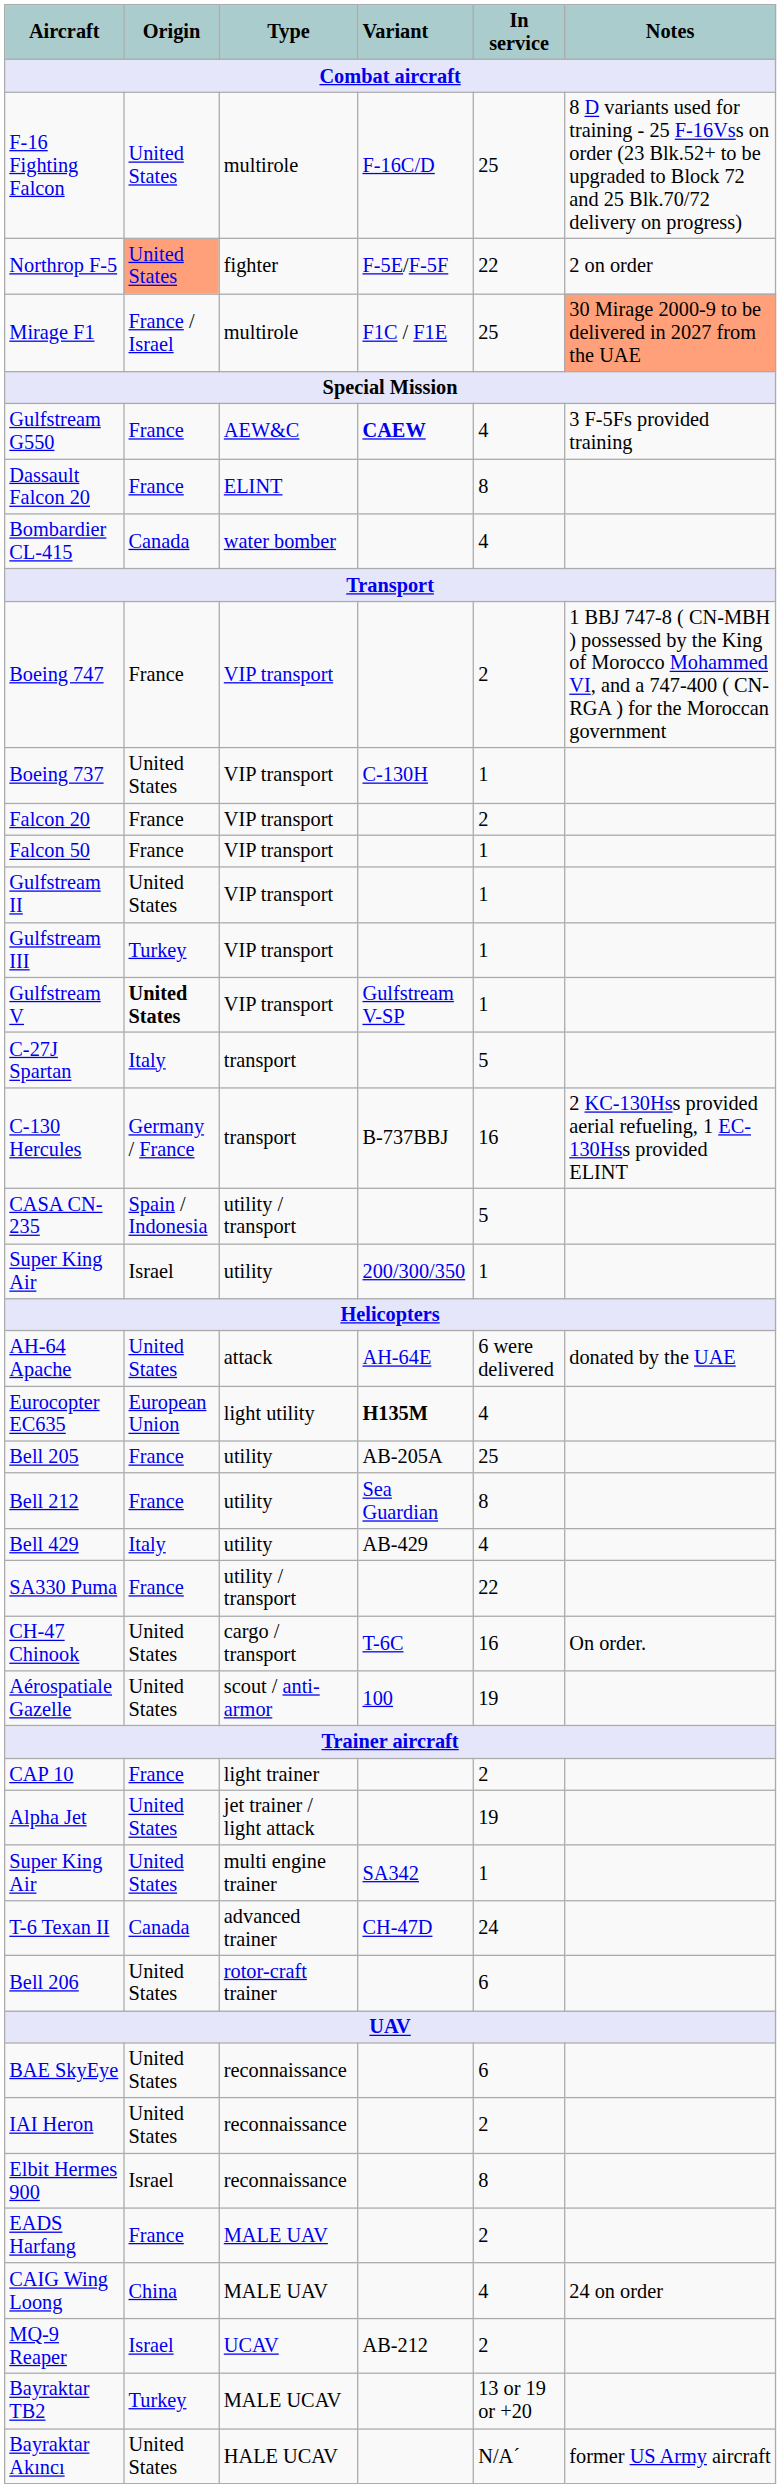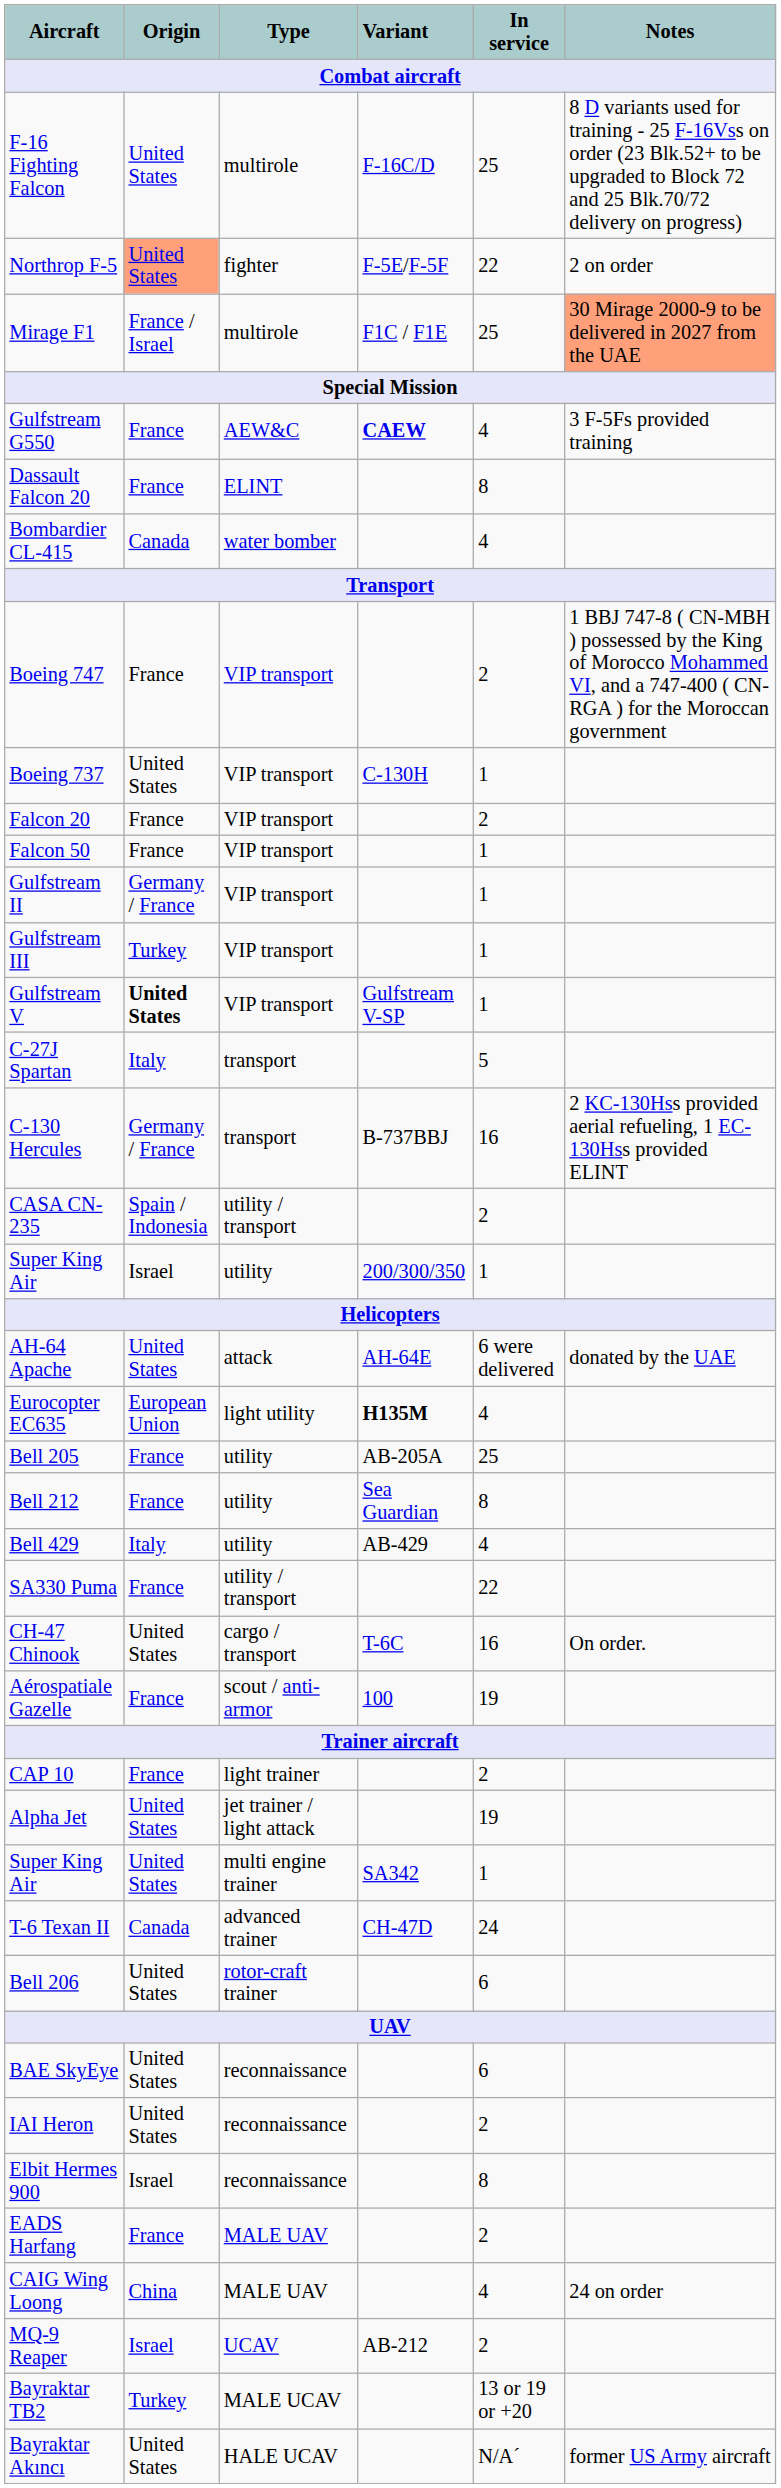 <table class="wikitable">
 <tr>
 <th style="text-align:center; background:#acc;">Aircraft</th>
 <th style="text-align: center; background:#acc;">Origin</th>
 <th style="text-align:l center; background:#acc;">Type</th>
 <th style="text-align:left; background:#acc;">Variant</th>
 <th style="text-align:center; background:#acc;">In service</th>
 <th style="text-align: center; background:#acc;">Notes</th>
 </tr>
 <tr>
 <th style="align: center; background: lavender;" colspan="6"><a href='#'>Combat aircraft</a></th>
 </tr>
 <tr>
 <td><a href='#'>F-16 Fighting Falcon</a></td>
 <td><a href='#'>United States</a></td>
 <td>multirole</td>
 <td><a href='#'>F-16C/D</a></td>
 <td>25</td>
 <td>8 <a href='#'>D</a> variants used for training - 25 <a href='#'>F-16Vs</a>s on order (23 Blk.52+ to be upgraded to Block 72 and 25 Blk.70/72 delivery on progress)</td>
 </tr>
 <tr>
 <td><a href='#'>Northrop F-5</a></td>
 <td style="background: lightsalmon;"><a href='#'>United States</a></td>
 <td>fighter</td>
 <td><a href='#'>F-5E</a>/<a href='#'>F-5F</a></td>
 <td>22</td>
 <td>2 on order</td>
 </tr>
 <tr>
 <td><a href='#'>Mirage F1</a></td>
 <td><a href='#'>France</a> / <a href='#'>Israel</a></td>
 <td>multirole</td>
 <td><a href='#'>F1C</a> / <a href='#'>F1E</a></td>
 <td>25</td>
 <td style="background: lightsalmon;">30 Mirage 2000-9 to be delivered in 2027 from the UAE</td>
 </tr>
 <tr>
 <th style="align: center; background: lavender;" colspan="7">Special Mission</th>
 </tr>
 <tr>
 <td><a href='#'>Gulfstream G550</a></td>
 <td><a href='#'>France</a></td>
 <td><a href='#'>AEW&C</a></td>
 <td><strong><a href='#'>CAEW</a></strong></td>
 <td>4</td>
 <td>3 F-5Fs provided training</td>
 </tr>
 <tr>
 <td><a href='#'>Dassault Falcon 20</a></td>
 <td><a href='#'>France</a></td>
 <td><a href='#'>ELINT</a></td>
 <td></td>
 <td>8</td>
 <td></td>
 </tr>
 <tr>
 <td><a href='#'>Bombardier CL-415</a></td>
 <td><a href='#'>Canada</a></td>
 <td><a href='#'>water bomber</a></td>
 <td></td>
 <td>4</td>
 <td></td>
 </tr>
 <tr>
 <th style="align: center; background: lavender;" colspan="6"><a href='#'>Transport</a></th>
 </tr>
 <tr>
 <td><a href='#'>Boeing 747</a></td>
 <td>France</td>
 <td><a href='#'>VIP transport</a></td>
 <td></td>
 <td>2</td>
 <td>1 BBJ 747-8 ( CN-MBH ) possessed by the King of Morocco <a href='#'>Mohammed VI</a>, and a 747-400 ( CN-RGA ) for the Moroccan government</td>
 </tr>
 <tr>
 <td><a href='#'>Boeing 737</a></td>
 <td>United States</td>
 <td>VIP transport</td>
 <td><a href='#'>C-130H</a></td>
 <td>1</td>
 <td></td>
 </tr>
 <tr>
 <td><a href='#'>Falcon 20</a></td>
 <td>France</td>
 <td>VIP transport</td>
 <td></td>
 <td>2</td>
 <td></td>
 </tr>
 <tr>
 <td><a href='#'>Falcon 50</a></td>
 <td>France</td>
 <td>VIP transport</td>
 <td></td>
 <td>1</td>
 <td></td>
 </tr>
 <tr>
 <td><a href='#'>Gulfstream II</a></td>
-<td>United States</td>
+<td><a href='#'>Germany</a> / <a href='#'>France</a></td>
 <td>VIP transport</td>
 <td></td>
 <td>1</td>
 <td></td>
 </tr>
 <tr>
 <td><a href='#'>Gulfstream III</a></td>
 <td><a href='#'>Turkey</a></td>
 <td>VIP transport</td>
 <td></td>
 <td>1</td>
 <td></td>
 </tr>
 <tr>
 <td><a href='#'>Gulfstream V</a></td>
 <td><strong>United States</strong></td>
 <td>VIP transport</td>
 <td><a href='#'>Gulfstream V-SP</a></td>
 <td>1</td>
 <td></td>
 </tr>
 <tr>
 <td><a href='#'>C-27J Spartan</a></td>
 <td><a href='#'>Italy</a></td>
 <td>transport</td>
 <td></td>
 <td>5</td>
 <td></td>
 </tr>
 <tr>
 <td><a href='#'>C-130 Hercules</a></td>
 <td><a href='#'>Germany</a> / <a href='#'>France</a></td>
 <td>transport</td>
 <td>B-737BBJ</td>
 <td>16</td>
 <td>2 <a href='#'>KC-130Hs</a>s provided aerial refueling, 1 <a href='#'>EC-130Hs</a>s provided ELINT</td>
 </tr>
 <tr>
 <td><a href='#'>CASA CN-235</a></td>
 <td><a href='#'>Spain</a> / <a href='#'>Indonesia</a></td>
 <td>utility / transport</td>
 <td></td>
-<td>5</td>
+<td>2</td>
 <td></td>
 </tr>
 <tr>
 <td><a href='#'>Super King Air</a></td>
 <td>Israel</td>
 <td>utility</td>
 <td><a href='#'>200/300/350</a></td>
 <td>1</td>
 <td></td>
 </tr>
 <tr>
 <th style="align: center; background: lavender;" colspan="6"><a href='#'>Helicopters</a></th>
 </tr>
 <tr>
 <td><a href='#'>AH-64 Apache</a></td>
 <td><a href='#'>United States</a></td>
 <td>attack</td>
 <td><a href='#'>AH-64E</a></td>
 <td>6 were delivered</td>
 <td>donated by the <a href='#'>UAE</a></td>
 </tr>
 <tr>
 <td><a href='#'>Eurocopter EC635</a></td>
 <td><a href='#'>European Union</a></td>
 <td>light utility</td>
 <td><strong>H135M</strong></td>
 <td>4</td>
 <td></td>
 </tr>
 <tr>
 <td><a href='#'>Bell 205</a></td>
 <td><a href='#'>France</a></td>
 <td>utility</td>
 <td>AB-205A</td>
 <td>25</td>
 <td></td>
 </tr>
 <tr>
 <td><a href='#'>Bell 212</a></td>
 <td><a href='#'>France</a></td>
 <td>utility</td>
 <td><a href='#'>Sea Guardian</a></td>
 <td>8</td>
 <td></td>
 </tr>
 <tr>
 <td><a href='#'>Bell 429</a></td>
 <td><a href='#'>Italy</a></td>
 <td>utility</td>
 <td>AB-429</td>
 <td>4</td>
 <td></td>
 </tr>
 <tr>
 <td><a href='#'>SA330 Puma</a></td>
 <td><a href='#'>France</a></td>
 <td>utility / transport</td>
 <td></td>
 <td>22</td>
 <td></td>
 </tr>
 <tr>
 <td><a href='#'>CH-47 Chinook</a></td>
 <td>United States</td>
 <td>cargo / transport</td>
 <td><a href='#'>T-6C</a></td>
 <td>16</td>
 <td>On order.</td>
 </tr>
 <tr>
 <td><a href='#'>Aérospatiale Gazelle</a></td>
-<td>United States</td>
+<td><a href='#'>France</a></td>
 <td>scout / <a href='#'>anti-armor</a></td>
 <td><a href='#'>100</a></td>
 <td>19</td>
 <td></td>
 </tr>
 <tr>
 <th style="align: center; background: lavender;" colspan="6"><a href='#'>Trainer aircraft</a></th>
 </tr>
 <tr>
 <td><a href='#'>CAP 10</a></td>
 <td><a href='#'>France</a></td>
 <td>light trainer</td>
 <td></td>
 <td>2</td>
 <td></td>
 </tr>
 <tr>
 <td><a href='#'>Alpha Jet</a></td>
 <td><a href='#'>United States</a></td>
 <td>jet trainer / light attack</td>
 <td></td>
 <td>19</td>
 <td></td>
 </tr>
 <tr>
 <td><a href='#'>Super King Air</a></td>
 <td><a href='#'>United States</a></td>
 <td>multi engine trainer</td>
 <td><a href='#'>SA342</a></td>
 <td>1</td>
 <td></td>
 </tr>
 <tr>
 <td><a href='#'>T-6 Texan II</a></td>
 <td><a href='#'>Canada</a></td>
 <td>advanced trainer</td>
 <td><a href='#'>CH-47D</a></td>
 <td>24</td>
 <td></td>
 </tr>
 <tr>
 <td><a href='#'>Bell 206</a></td>
 <td>United States</td>
 <td><a href='#'>rotor-craft</a> trainer</td>
 <td></td>
 <td>6</td>
 <td></td>
 </tr>
 <tr>
 <th style="align: center; background: lavender;" colspan="6"><a href='#'>UAV</a></th>
 </tr>
 <tr>
 <td><a href='#'>BAE SkyEye</a></td>
 <td>United States</td>
 <td>reconnaissance</td>
 <td></td>
 <td>6</td>
 <td></td>
 </tr>
 <tr>
 <td><a href='#'>IAI Heron</a></td>
 <td>United States</td>
 <td>reconnaissance</td>
 <td></td>
 <td>2</td>
 <td></td>
 </tr>
 <tr>
 <td><a href='#'>Elbit Hermes 900</a></td>
 <td>Israel</td>
 <td>reconnaissance</td>
 <td></td>
 <td>8</td>
 <td></td>
 </tr>
 <tr>
 <td><a href='#'>EADS Harfang</a></td>
 <td><a href='#'>France</a></td>
 <td><a href='#'>MALE UAV</a></td>
 <td></td>
 <td>2</td>
 <td></td>
 </tr>
 <tr>
 <td><a href='#'>CAIG Wing Loong</a></td>
 <td><a href='#'>China</a></td>
 <td>MALE UAV</td>
 <td></td>
 <td>4</td>
 <td>24 on order</td>
 </tr>
 <tr>
 <td><a href='#'>MQ-9 Reaper</a></td>
 <td><a href='#'>Israel</a></td>
 <td><a href='#'>UCAV</a></td>
 <td>AB-212</td>
 <td>2</td>
 <td></td>
 </tr>
 <tr>
 <td><a href='#'>Bayraktar TB2</a></td>
 <td><a href='#'>Turkey</a></td>
 <td>MALE UCAV</td>
 <td></td>
 <td>13 or 19 or +20</td>
 <td></td>
 </tr>
 <tr>
 <td><a href='#'>Bayraktar Akıncı</a></td>
 <td>United States</td>
 <td>HALE UCAV</td>
 <td></td>
 <td>N/A´</td>
 <td>former <a href='#'>US Army</a> aircraft</td>
 </tr>
 </table>
